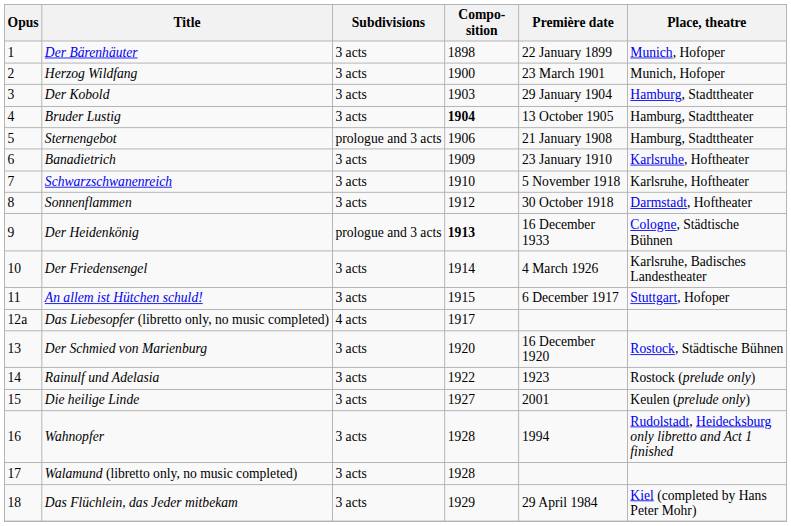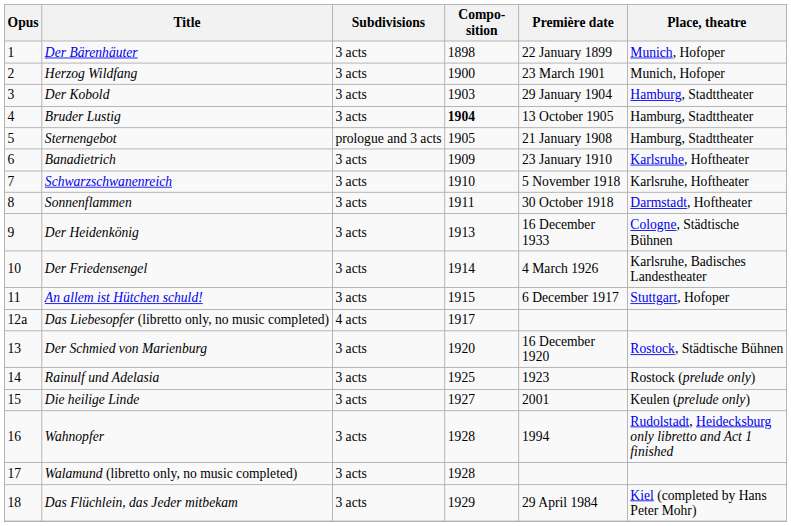 <table class="wikitable sortable">
 <tr>
 <th>Opus </th>
 <th>Title</th>
 <th>Sub­divisions</th>
 <th width="80px">Compo-sition</th>
 <th width="120px">Première date</th>
 <th width="180px">Place, theatre</th>
 </tr>
 <tr>
 <td>1</td>
 <td><em><a href='#'>Der Bärenhäuter</a></em></td>
 <td>3 acts</td>
 <td>1898</td>
 <td>22 January 1899</td>
 <td><a href='#'>Munich</a>, Hofoper</td>
 </tr>
 <tr>
 <td>2</td>
 <td><em>Herzog Wildfang</em></td>
 <td>3 acts</td>
 <td>1900</td>
 <td>23 March 1901</td>
 <td>Munich, Hofoper</td>
 </tr>
 <tr>
 <td>3</td>
 <td><em>Der Kobold</em></td>
 <td>3 acts</td>
 <td>1903</td>
 <td>29 January 1904</td>
 <td><a href='#'>Hamburg</a>, Stadttheater</td>
 </tr>
 <tr>
 <td>4</td>
 <td><em>Bruder Lustig</em></td>
 <td>3 acts</td>
 <td><strong>1904</strong></td>
 <td>13 October 1905</td>
 <td>Hamburg, Stadttheater</td>
 </tr>
 <tr>
 <td>5</td>
 <td><em>Sternengebot</em></td>
 <td>prologue and 3 acts</td>
-<td>1906</td>
+<td>1905</td>
 <td>21 January 1908</td>
 <td>Hamburg, Stadttheater</td>
 </tr>
 <tr>
 <td>6</td>
 <td><em>Banadietrich</em></td>
 <td>3 acts</td>
 <td>1909</td>
 <td>23 January 1910</td>
 <td><a href='#'>Karlsruhe</a>, Hoftheater</td>
 </tr>
 <tr>
 <td>7</td>
 <td><em><a href='#'>Schwarzschwanenreich</a></em></td>
 <td>3 acts</td>
 <td>1910</td>
 <td>5 November 1918</td>
 <td>Karlsruhe, Hoftheater</td>
 </tr>
 <tr>
 <td>8</td>
 <td><em>Sonnenflammen</em></td>
 <td>3 acts</td>
-<td>1912</td>
+<td>1911</td>
 <td>30 October 1918</td>
 <td><a href='#'>Darmstadt</a>, Hoftheater</td>
 </tr>
 <tr>
 <td>9</td>
 <td><em>Der Heidenkönig</em></td>
-<td>prologue and 3 acts</td>
-<td><strong>1913</strong></td>
+<td>3 acts</td>
+<td>1913</td>
 <td>16 December 1933</td>
 <td><a href='#'>Cologne</a>, Städtische Bühnen</td>
 </tr>
 <tr>
 <td>10</td>
 <td><em>Der Friedensengel</em></td>
 <td>3 acts</td>
 <td>1914</td>
 <td>4 March 1926</td>
 <td>Karlsruhe, Badisches Landestheater</td>
 </tr>
 <tr>
 <td>11</td>
 <td><em><a href='#'>An allem ist Hütchen schuld!</a></em></td>
 <td>3 acts</td>
 <td>1915</td>
 <td>6 December 1917</td>
 <td><a href='#'>Stuttgart</a>, Hofoper</td>
 </tr>
 <tr>
 <td>12a</td>
 <td><em>Das Liebesopfer</em> (libretto only, no music completed)</td>
 <td>4 acts</td>
 <td>1917</td>
 <td> </td>
 <td> </td>
 </tr>
 <tr>
 <td>13</td>
 <td><em>Der Schmied von Marienburg</em></td>
 <td>3 acts</td>
 <td>1920</td>
 <td>16 December 1920</td>
 <td><a href='#'>Rostock</a>, Städtische Bühnen</td>
 </tr>
 <tr>
 <td>14</td>
 <td><em>Rainulf und Adelasia</em></td>
 <td>3 acts</td>
-<td>1922</td>
+<td>1925</td>
 <td>1923</td>
 <td>Rostock (<em>prelude only</em>)</td>
 </tr>
 <tr>
 <td>15</td>
 <td><em>Die heilige Linde</em></td>
 <td>3 acts</td>
 <td>1927</td>
 <td>2001</td>
 <td>Keulen (<em>prelude only</em>)</td>
 </tr>
 <tr>
 <td>16</td>
 <td><em>Wahnopfer</em></td>
 <td>3 acts</td>
 <td>1928</td>
 <td>1994</td>
 <td><a href='#'>Rudolstadt</a>, <a href='#'>Heidecksburg</a> <em>only libretto and Act 1 finished</em></td>
 </tr>
 <tr>
 <td>17</td>
 <td><em>Walamund</em> (libretto only, no music completed)</td>
 <td>3 acts</td>
 <td>1928</td>
 <td> </td>
 <td> </td>
 </tr>
 <tr>
 <td>18</td>
 <td><em>Das Flüchlein, das Jeder mitbekam</em></td>
 <td>3 acts</td>
 <td>1929</td>
 <td>29 April 1984</td>
 <td><a href='#'>Kiel</a> (completed by Hans Peter Mohr)</td>
 </tr>
 <tr>
 </tr>
 </table>
